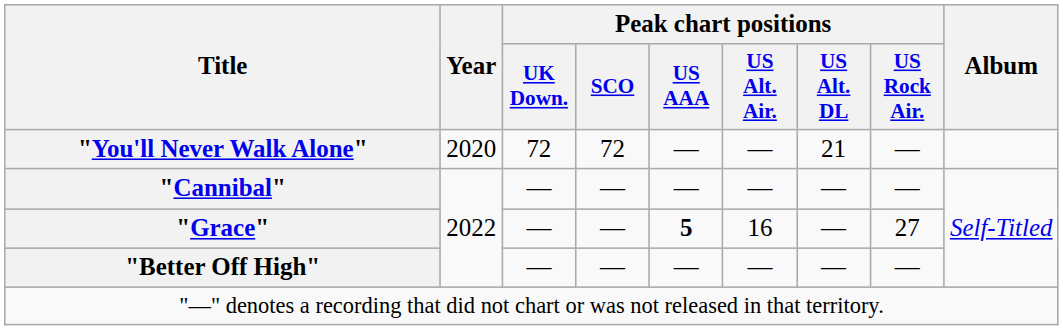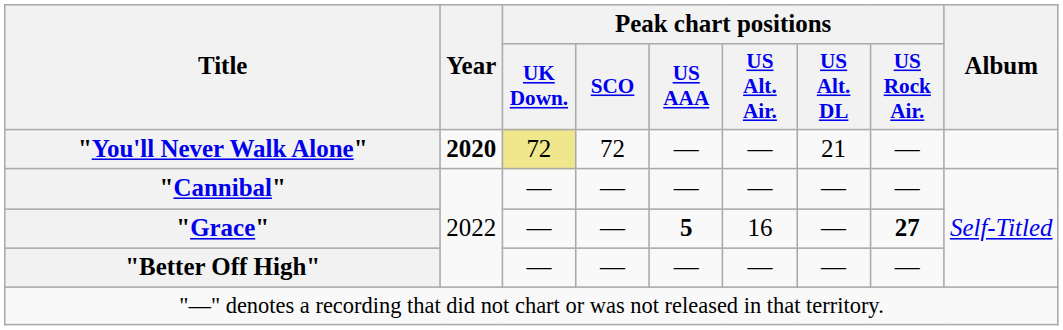 <table class="wikitable plainrowheaders" style="text-align:center;">
 <tr>
 <th scope="col" rowspan="2" style="width:17em;">Title</th>
 <th scope="col" rowspan="2" style="width:1em;">Year</th>
 <th scope="col" colspan="6">Peak chart positions</th>
 <th scope="col" rowspan="2">Album</th>
 </tr>
 <tr>
 <th scope="col" style="width:3em;font-size:85%;"><a href='#'>UK<br>Down.</a><br></th>
 <th scope="col" style="width:3em;font-size:85%;"><a href='#'>SCO</a><br></th>
 <th scope="col" style="width:3em;font-size:85%;"><a href='#'>US <br>AAA</a><br></th>
 <th scope="col" style="width:3em;font-size:85%;"><a href='#'>US<br>Alt.<br>Air.</a><br></th>
 <th scope="col" style="width:3em;font-size:85%;"><a href='#'>US<br>Alt.<br>DL</a><br></th>
 <th scope="col" style="width:3em;font-size:85%;"><a href='#'>US<br>Rock<br>Air.</a><br></th>
 </tr>
 <tr>
 <th scope="row">"<a href='#'>You'll Never Walk Alone</a>"</th>
-<td>2020</td>
-<td>72</td>
+<td><strong>2020</strong></td>
+<td style="background: khaki;">72</td>
 <td>72</td>
 <td>—</td>
 <td>—</td>
 <td>21</td>
 <td>—</td>
 <td></td>
 </tr>
 <tr>
 <th scope="row">"<a href='#'>Cannibal</a>"</th>
 <td rowspan="3">2022</td>
 <td>—</td>
 <td>—</td>
 <td>—</td>
 <td>—</td>
 <td>—</td>
 <td>—</td>
 <td rowspan="3"><em><a href='#'>Self-Titled</a></em></td>
 </tr>
 <tr>
 <th scope="row">"<a href='#'>Grace</a>"</th>
 <td>—</td>
 <td>—</td>
 <td><strong>5</strong></td>
 <td>16</td>
 <td>—</td>
-<td>27</td>
+<td><strong>27</strong></td>
 </tr>
 <tr>
 <th scope="row">"Better Off High"</th>
 <td>—</td>
 <td>—</td>
 <td>—</td>
 <td>—</td>
 <td>—</td>
 <td>—</td>
 </tr>
 <tr>
 <td colspan="16" style="font-size:90%">"—" denotes a recording that did not chart or was not released in that territory.</td>
 </tr>
 </table>
